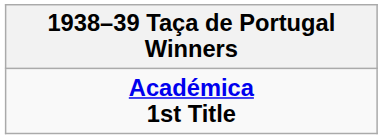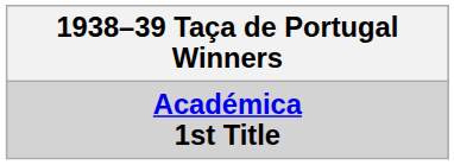 <table class="wikitable" style="text-align: center; margin: 0 auto; width: 20%">
 <tr>
 <th>1938–39 Taça de Portugal Winners</th>
 </tr>
 <tr>
-<td><strong><a href='#'>Académica</a></strong><br><strong>1st Title</strong></td>
+<td style="background: lightgrey;"><strong><a href='#'>Académica</a></strong><br><strong>1st Title</strong></td>
 </tr>
 </table>
